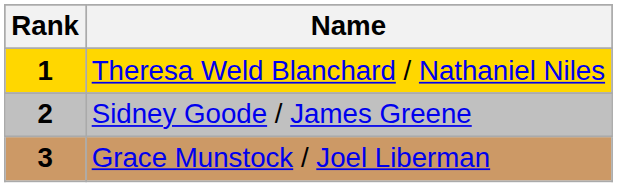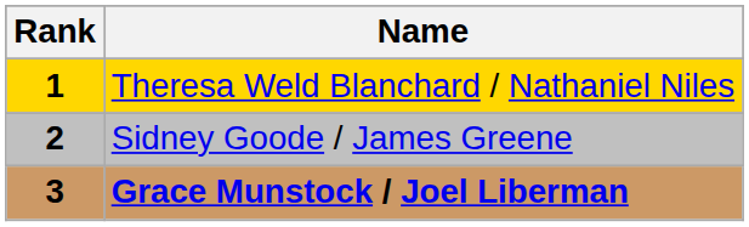 <table class="wikitable">
 <tr>
 <th>Rank</th>
 <th>Name</th>
 </tr>
 <tr bgcolor="gold">
 <td align="center"><strong>1</strong></td>
 <td><a href='#'>Theresa Weld Blanchard</a> / <a href='#'>Nathaniel Niles</a></td>
 </tr>
 <tr bgcolor="silver">
 <td align="center"><strong>2</strong></td>
 <td><a href='#'>Sidney Goode</a> / <a href='#'>James Greene</a></td>
 </tr>
 <tr bgcolor="cc9966">
 <td align="center"><strong>3</strong></td>
-<td><a href='#'>Grace Munstock</a> / <a href='#'>Joel Liberman</a></td>
+<td><strong><a href='#'>Grace Munstock</a> / <a href='#'>Joel Liberman</a></strong></td>
 </tr>
 </table>
